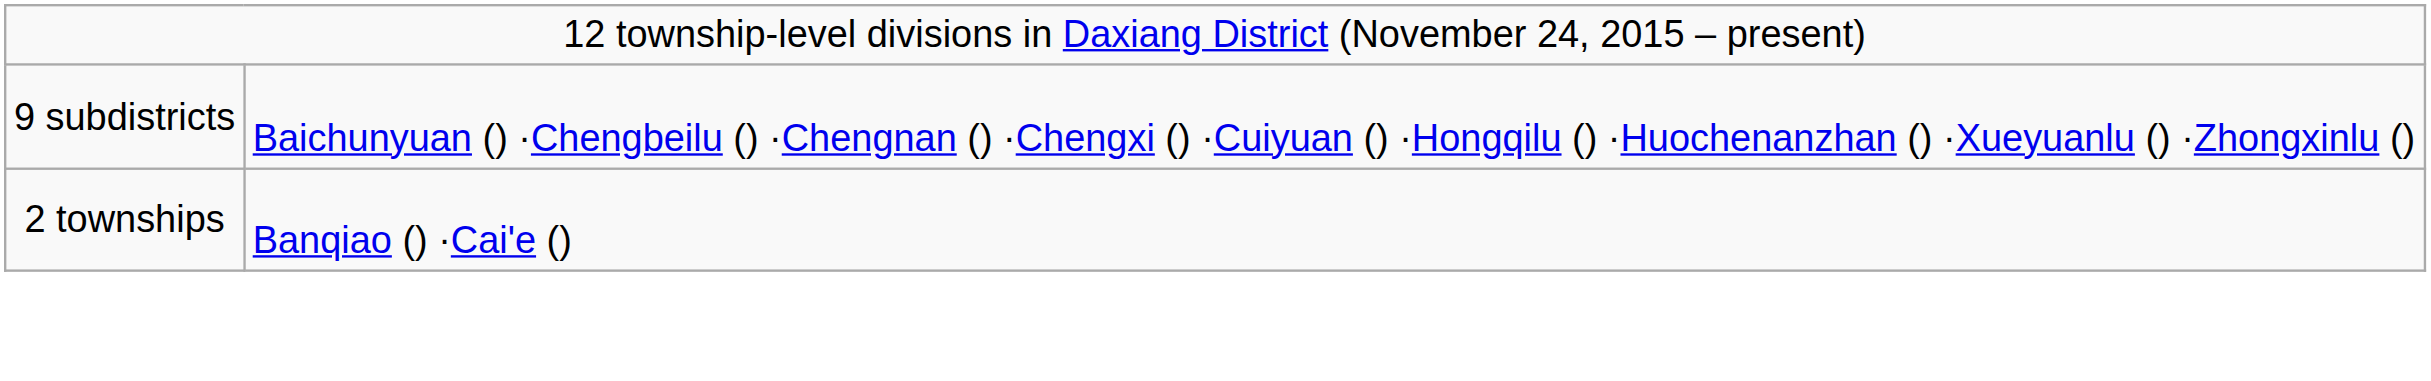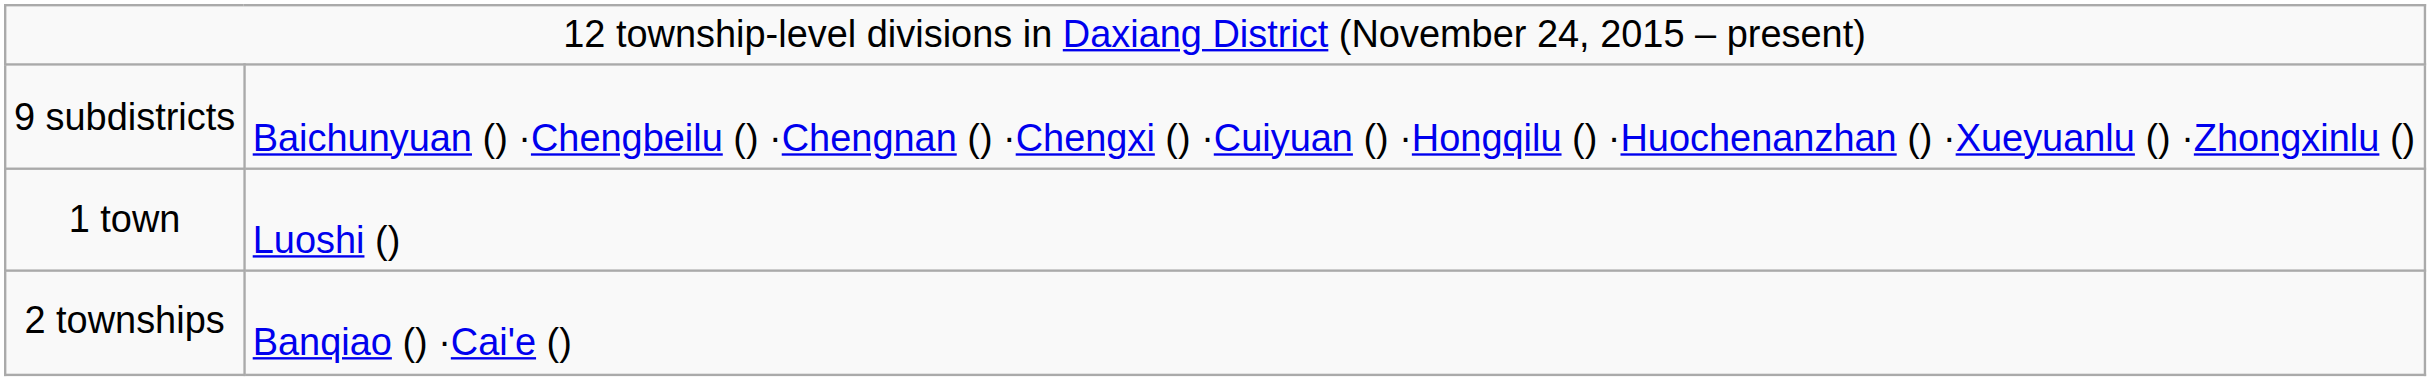 <table class="wikitable">
 <tr>
 <td style="text-align:center;" colspan="2">12 township-level divisions in <a href='#'>Daxiang District</a> (November 24, 2015 – present)</td>
 </tr>
 <tr align=left>
 <td align=center>9 subdistricts</td>
 <td><br><a href='#'>Baichunyuan</a> () ·<a href='#'>Chengbeilu</a> () ·<a href='#'>Chengnan</a> () ·<a href='#'>Chengxi</a> () ·<a href='#'>Cuiyuan</a> () ·<a href='#'>Hongqilu</a> () ·<a href='#'>Huochenanzhan</a> () ·<a href='#'>Xueyuanlu</a> () ·<a href='#'>Zhongxinlu</a> ()</td>
 </tr>
 <tr align=left>
+<td align=center>1 town</td>
+<td><br><a href='#'>Luoshi</a> ()</td>
+</tr>
+<tr align=left>
 <td align=center>2 townships</td>
 <td><br><a href='#'>Banqiao</a> () ·<a href='#'>Cai'e</a> ()</td>
 </tr>
 </table>
